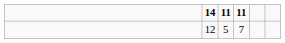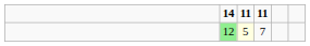 <table class="wikitable">
 <tr>
 <td style="width:18em"><strong></strong></td>
 <td align=center style="width:1em"><strong>14</strong></td>
 <td align=center style="width:1em"><strong>11</strong></td>
 <td align=center style="width:1em"><strong>11</strong></td>
 <td align=center style="width:1em"></td>
 <td align=center style="width:1em"></td>
 </tr>
 <tr>
 <td style="width:18em"></td>
-<td align=center style="width:1em">12</td>
-<td align=center style="width:1em">5</td>
+<td align=center style="background: lightgreen; width:1em">12</td>
+<td align=center style="background: lightyellow; width:1em">5</td>
 <td align=center style="width:1em">7</td>
 <td align=center style="width:1em"></td>
 <td align=center style="width:1em"></td>
 </tr>
 </table>
